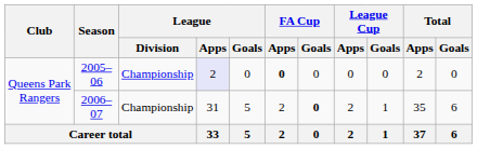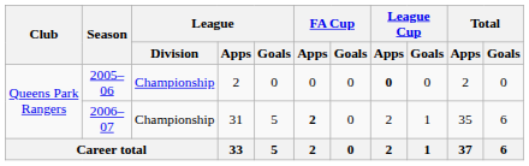 <table class="wikitable" style="text-align: center;">
 <tr>
 <th rowspan="2">Club</th>
 <th rowspan="2">Season</th>
 <th colspan="3">League</th>
 <th colspan="2"><a href='#'>FA Cup</a></th>
 <th colspan="2"><a href='#'>League Cup</a></th>
 <th colspan="2">Total</th>
 </tr>
 <tr>
 <th>Division</th>
 <th>Apps</th>
 <th>Goals</th>
 <th>Apps</th>
 <th>Goals</th>
 <th>Apps</th>
 <th>Goals</th>
 <th>Apps</th>
 <th>Goals</th>
 </tr>
 <tr>
 <td rowspan="2"><a href='#'>Queens Park Rangers</a></td>
 <td><a href='#'>2005–06</a></td>
 <td><a href='#'>Championship</a></td>
-<td style="background: lavender;">2</td>
+<td>2</td>
+<td>0</td>
+<td>0</td>
 <td>0</td>
 <td><strong>0</strong></td>
-<td>0</td>
-<td>0</td>
 <td>0</td>
 <td>2</td>
 <td>0</td>
 </tr>
 <tr>
 <td><a href='#'>2006–07</a></td>
 <td>Championship</td>
 <td>31</td>
 <td>5</td>
-<td>2</td>
-<td><strong>0</strong></td>
+<td><strong>2</strong></td>
+<td>0</td>
 <td>2</td>
 <td>1</td>
 <td>35</td>
 <td>6</td>
 </tr>
 <tr>
 <th colspan="3">Career total</th>
 <th>33</th>
 <th>5</th>
 <th>2</th>
 <th>0</th>
 <th>2</th>
 <th>1</th>
 <th>37</th>
 <th>6</th>
 </tr>
 </table>
